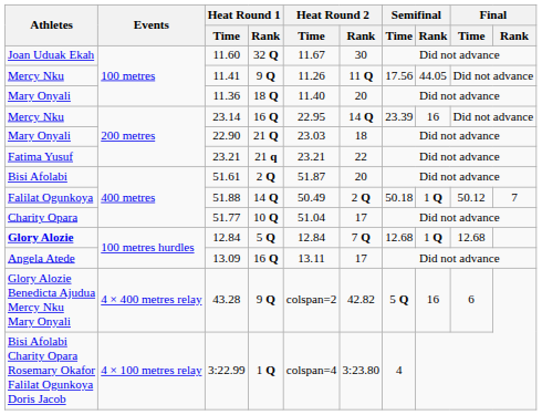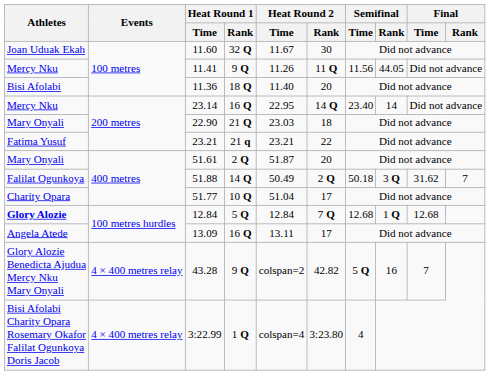 <table class=wikitable style=font-size:90%>
 <tr>
 <th rowspan=2>Athletes</th>
 <th rowspan=2>Events</th>
 <th colspan=2>Heat Round 1</th>
 <th colspan=2>Heat Round 2</th>
 <th colspan=2>Semifinal</th>
 <th colspan=2>Final</th>
 </tr>
 <tr>
 <th>Time</th>
 <th>Rank</th>
 <th>Time</th>
 <th>Rank</th>
 <th>Time</th>
 <th>Rank</th>
 <th>Time</th>
 <th>Rank</th>
 </tr>
 <tr>
 <td><a href='#'>Joan Uduak Ekah</a></td>
 <td rowspan=3><a href='#'>100 metres</a></td>
 <td align=center>11.60</td>
 <td align=center>32 <strong>Q</strong></td>
 <td align=center>11.67</td>
 <td align=center>30</td>
 <td align=center colspan=4>Did not advance</td>
 </tr>
 <tr>
 <td><a href='#'>Mercy Nku</a></td>
 <td align=center>11.41</td>
 <td align=center>9 <strong>Q</strong></td>
 <td align=center>11.26</td>
 <td align=center>11 <strong>Q</strong></td>
-<td align=center>17.56</td>
+<td align=center>11.56</td>
 <td align=center>44.05</td>
 <td align=center colspan=2>Did not advance</td>
 </tr>
 <tr>
-<td><a href='#'>Mary Onyali</a></td>
+<td><a href='#'>Bisi Afolabi</a></td>
 <td align=center>11.36</td>
 <td align=center>18 <strong>Q</strong></td>
 <td align=center>11.40</td>
 <td align=center>20</td>
 <td align=center colspan=4>Did not advance</td>
 </tr>
 <tr>
 <td><a href='#'>Mercy Nku</a></td>
 <td rowspan=3><a href='#'>200 metres</a></td>
 <td align=center>23.14</td>
 <td align=center>16 <strong>Q</strong></td>
 <td align=center>22.95</td>
 <td align=center>14 <strong>Q</strong></td>
-<td align=center>23.39</td>
-<td align=center>16</td>
+<td align=center>23.40</td>
+<td align=center>14</td>
 <td align=center colspan=2>Did not advance</td>
 </tr>
 <tr>
 <td><a href='#'>Mary Onyali</a></td>
 <td align=center>22.90</td>
 <td align=center>21 <strong>Q</strong></td>
 <td align=center>23.03</td>
 <td align=center>18</td>
 <td align=center colspan=4>Did not advance</td>
 </tr>
 <tr>
 <td><a href='#'>Fatima Yusuf</a></td>
 <td align=center>23.21</td>
 <td align=center>21 <strong>q</strong></td>
 <td align=center>23.21</td>
 <td align=center>22</td>
 <td align=center colspan=4>Did not advance</td>
 </tr>
 <tr>
-<td><a href='#'>Bisi Afolabi</a></td>
+<td><a href='#'>Mary Onyali</a></td>
 <td rowspan=3><a href='#'>400 metres</a></td>
 <td align=center>51.61</td>
 <td align=center>2 <strong>Q</strong></td>
 <td align=center>51.87</td>
 <td align=center>20</td>
 <td align=center colspan=4>Did not advance</td>
 </tr>
 <tr>
 <td><a href='#'>Falilat Ogunkoya</a></td>
 <td align=center>51.88</td>
 <td align=center>14 <strong>Q</strong></td>
 <td align=center>50.49</td>
 <td align=center>2 <strong>Q</strong></td>
 <td align=center>50.18</td>
-<td align=center>1 <strong>Q</strong></td>
-<td align=center>50.12</td>
+<td align=center>3 <strong>Q</strong></td>
+<td align=center>31.62</td>
 <td align=center>7</td>
 </tr>
 <tr>
 <td><a href='#'>Charity Opara</a></td>
 <td align=center>51.77</td>
 <td align=center>10 <strong>Q</strong></td>
 <td align=center>51.04</td>
 <td align=center>17</td>
 <td align=center colspan=4>Did not advance</td>
 </tr>
 <tr>
 <td><strong><a href='#'>Glory Alozie</a></strong></td>
 <td rowspan=2><a href='#'>100 metres hurdles</a></td>
 <td align=center>12.84</td>
 <td align=center>5 <strong>Q</strong></td>
 <td align=center>12.84</td>
 <td align=center>7 <strong>Q</strong></td>
 <td align=center>12.68</td>
 <td align=center>1 <strong>Q</strong></td>
 <td align=center>12.68</td>
 <td align=center></td>
 </tr>
 <tr>
 <td><a href='#'>Angela Atede</a></td>
 <td align=center>13.09</td>
 <td align=center>16 <strong>Q</strong></td>
 <td align=center>13.11</td>
 <td align=center>17</td>
 <td align=center colspan=4>Did not advance</td>
 </tr>
 <tr>
 <td><a href='#'>Glory Alozie</a><br><a href='#'>Benedicta Ajudua</a><br><a href='#'>Mercy Nku</a><br><a href='#'>Mary Onyali</a></td>
 <td><a href='#'>4 × 400 metres relay</a></td>
 <td align=center>43.28</td>
 <td align=center>9 <strong>Q</strong></td>
 <td>colspan=2</td>
 <td align=center>42.82</td>
 <td align=center>5 <strong>Q</strong></td>
 <td align=center>16</td>
-<td align=center>6</td>
+<td align=center>7</td>
 </tr>
 <tr>
 <td><a href='#'>Bisi Afolabi</a><br><a href='#'>Charity Opara</a><br><a href='#'>Rosemary Okafor</a><br><a href='#'>Falilat Ogunkoya</a><br><a href='#'>Doris Jacob</a></td>
-<td><a href='#'>4 × 100 metres relay</a></td>
+<td><a href='#'>4 × 400 metres relay</a></td>
 <td align=center>3:22.99</td>
 <td align=center>1 <strong>Q</strong></td>
 <td>colspan=4</td>
 <td align=center>3:23.80</td>
 <td align=center>4</td>
 </tr>
 </table>
